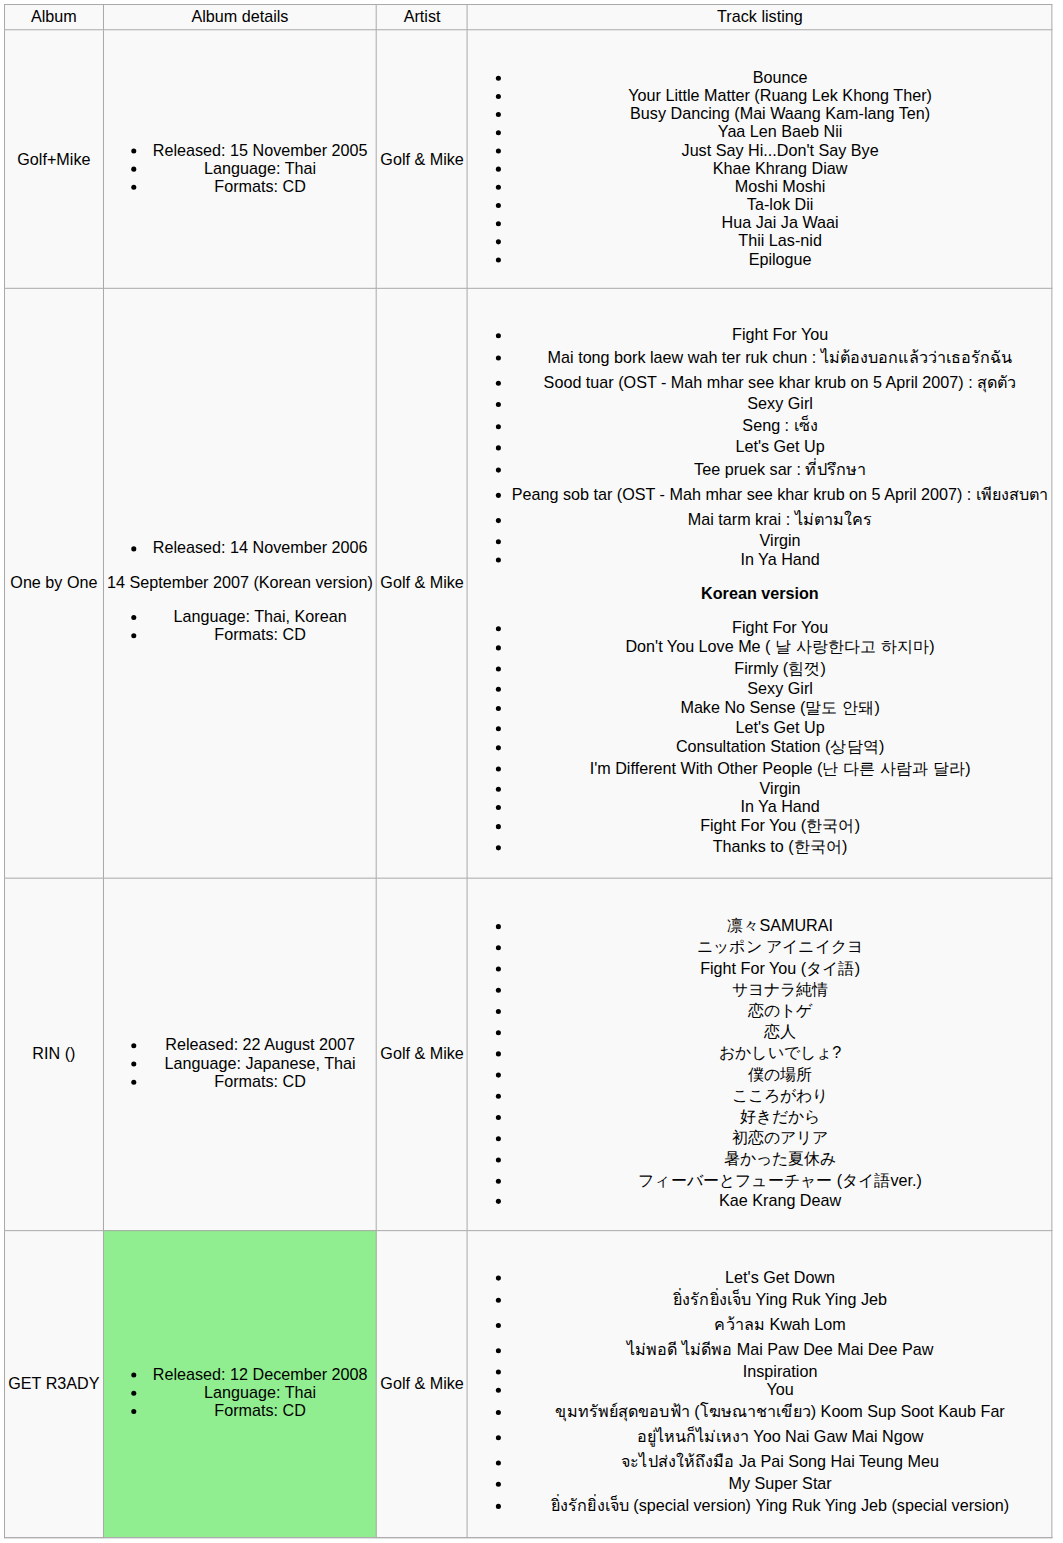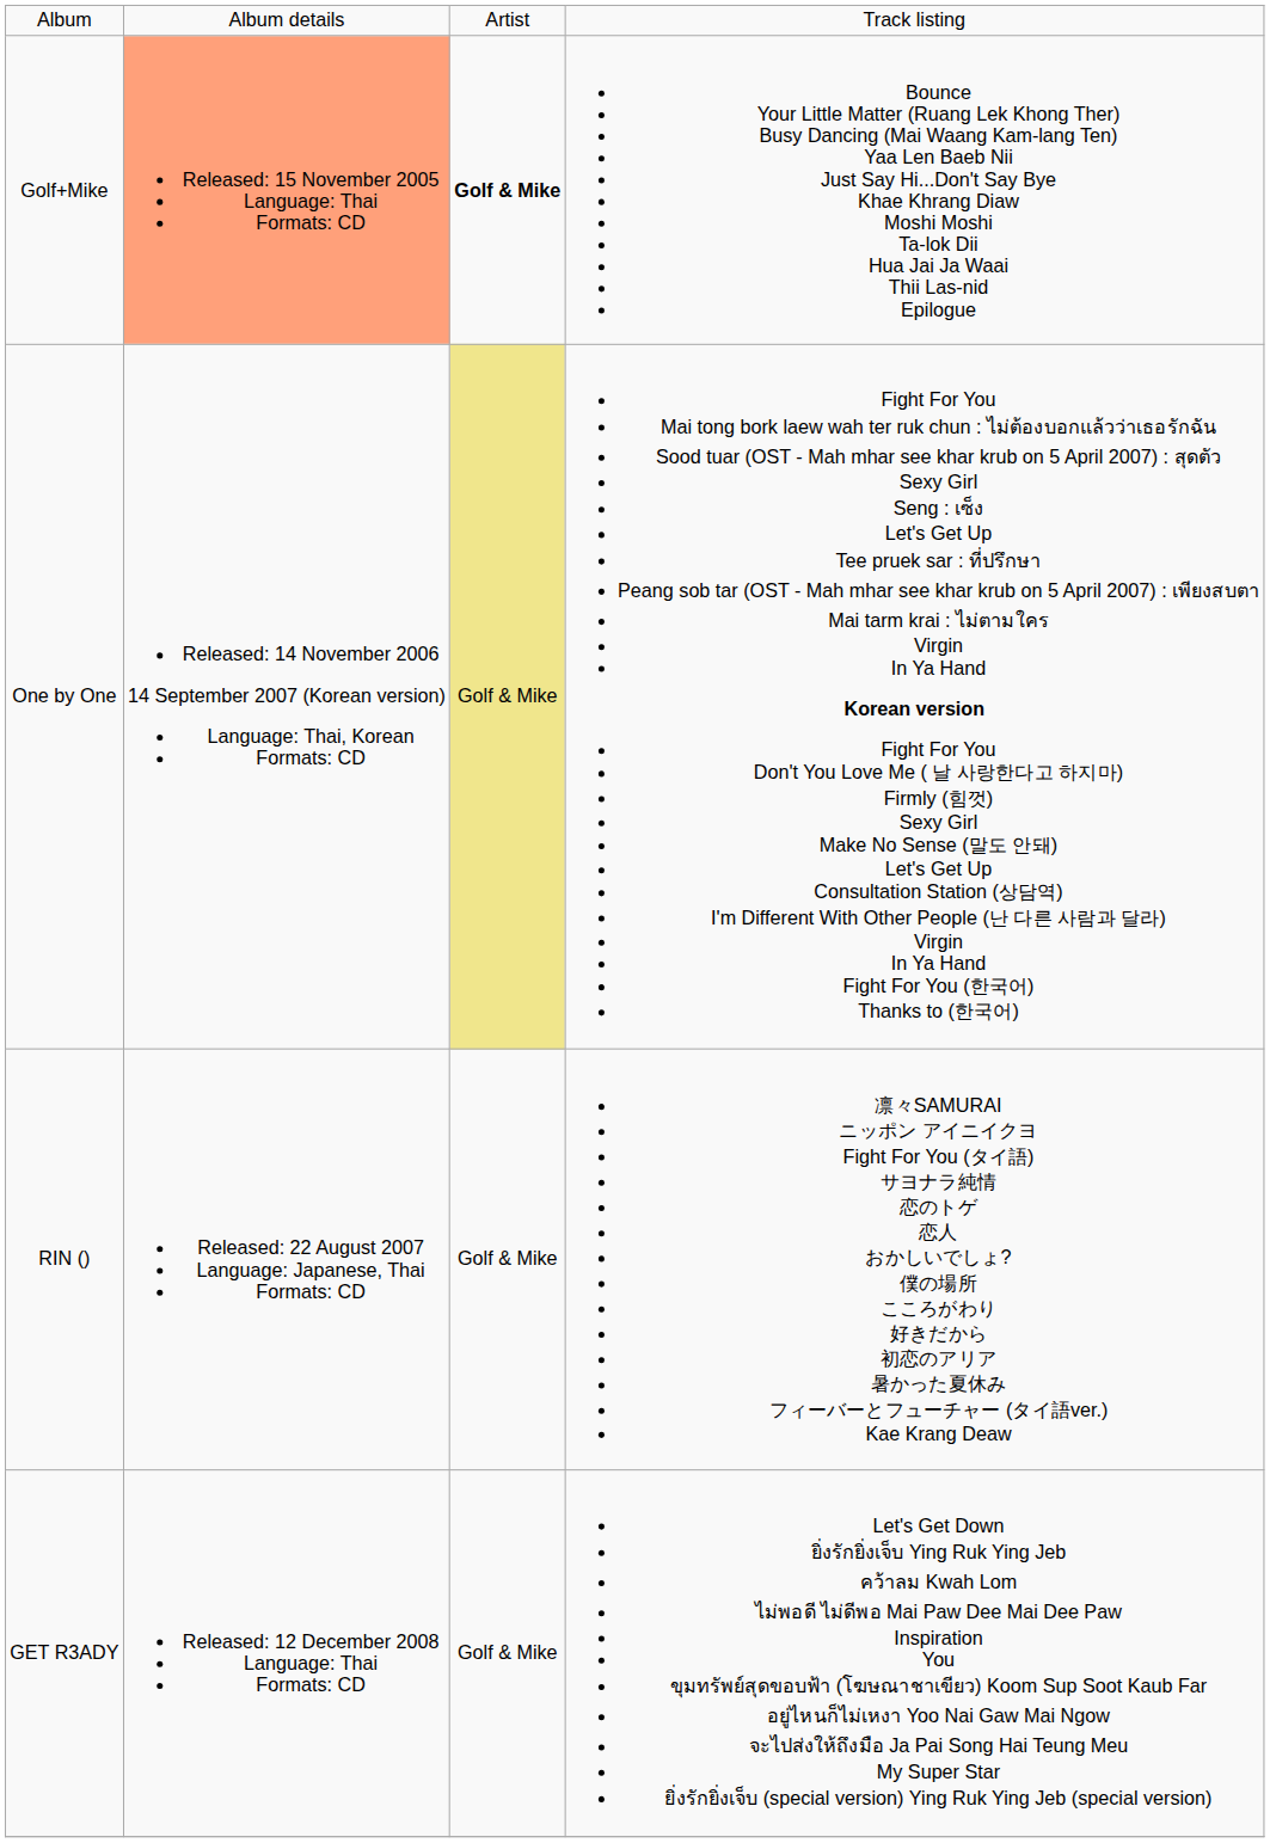 <table class="wikitable plainrowheaders" style="text-align:center;">
 <tr>
 <td scope="col">Album</td>
 <td scope="col">Album details</td>
 <td scope="col">Artist</td>
 <td scope="col">Track listing</td>
 </tr>
 <tr>
 <td scope="row">Golf+Mike</td>
-<td scope="row"><br><ul><li>Released: 15 November 2005</li><li>Language: Thai</li><li>Formats: CD</li></ul></td>
-<td scope="row">Golf & Mike</td>
+<td scope="row" style="background: lightsalmon;"><br><ul><li>Released: 15 November 2005</li><li>Language: Thai</li><li>Formats: CD</li></ul></td>
+<td scope="row"><strong>Golf & Mike</strong></td>
 <td scope="row"><br><ul><li>Bounce</li><li>Your Little Matter (Ruang Lek Khong Ther)</li><li>Busy Dancing (Mai Waang Kam-lang Ten)</li><li>Yaa Len Baeb Nii</li><li>Just Say Hi...Don't Say Bye</li><li>Khae Khrang Diaw</li><li>Moshi Moshi</li><li>Ta-lok Dii</li><li>Hua Jai Ja Waai</li><li>Thii Las-nid</li><li>Epilogue</li></ul></td>
 </tr>
 <tr>
 <td scope="row">One by One</td>
 <td scope="row"><br><ul><li>Released: 14 November 2006</li></ul>14 September 2007 (Korean version)<ul><li>Language: Thai, Korean</li><li>Formats: CD</li></ul></td>
-<td scope="row">Golf & Mike</td>
+<td scope="row" style="background: khaki;">Golf & Mike</td>
 <td scope="row"><br><ul><li>Fight For You</li><li>Mai tong bork laew wah ter ruk chun : ไม่ต้องบอกแล้วว่าเธอรักฉัน</li><li>Sood tuar (OST - Mah mhar see khar krub on 5 April 2007) : สุดตัว</li><li>Sexy Girl</li><li>Seng : เซ็ง</li><li>Let's Get Up</li><li>Tee pruek sar : ที่ปรึกษา</li><li>Peang sob tar (OST - Mah mhar see khar krub on 5 April 2007) : เพียงสบตา</li><li>Mai tarm krai : ไม่ตามใคร</li><li>Virgin</li><li>In Ya Hand</li></ul><strong>Korean version</strong><ul><li>Fight For You</li><li>Don't You Love Me ( 날 사랑한다고 하지마)</li><li>Firmly (힘껏)</li><li>Sexy Girl</li><li>Make No Sense (말도 안돼)</li><li>Let's Get Up</li><li>Consultation Station (상담역)</li><li>I'm Different With Other People (난 다른 사람과 달라)</li><li>Virgin</li><li>In Ya Hand</li><li>Fight For You (한국어)</li><li>Thanks to (한국어)</li></ul></td>
 </tr>
 <tr>
 <td scope="row">RIN ()</td>
 <td scope="row"><br><ul><li>Released: 22 August 2007</li><li>Language: Japanese, Thai</li><li>Formats: CD</li></ul></td>
 <td scope="row">Golf & Mike</td>
 <td scope="row"><br><ul><li>凛々SAMURAI</li><li>ニッポン アイニイクヨ</li><li>Fight For You (タイ語)</li><li>サヨナラ純情</li><li>恋のトゲ</li><li>恋人</li><li>おかしいでしょ?</li><li>僕の場所</li><li>こころがわり</li><li>好きだから</li><li>初恋のアリア</li><li>暑かった夏休み</li><li>フィーバーとフューチャー (タイ語ver.)</li><li>Kae Krang Deaw</li></ul></td>
 </tr>
 <tr>
 <td scope="row">GET R3ADY</td>
-<td scope="row" style="background: lightgreen;"><br><ul><li>Released: 12 December 2008</li><li>Language: Thai</li><li>Formats: CD</li></ul></td>
+<td scope="row"><br><ul><li>Released: 12 December 2008</li><li>Language: Thai</li><li>Formats: CD</li></ul></td>
 <td scope="row">Golf & Mike</td>
 <td scope="row"><br><ul><li>Let's Get Down</li><li>ยิ่งรักยิ่งเจ็บ Ying Ruk Ying Jeb</li><li>คว้าลม Kwah Lom</li><li>ไม่พอดี ไม่ดีพอ Mai Paw Dee Mai Dee Paw</li><li>Inspiration</li><li>You</li><li>ขุมทรัพย์สุดขอบฟ้า (โฆษณาชาเขียว) Koom Sup Soot Kaub Far</li><li>อยู่ไหนก็ไม่เหงา Yoo Nai Gaw Mai Ngow</li><li>จะไปส่งให้ถึงมือ Ja Pai Song Hai Teung Meu</li><li>My Super Star</li><li>ยิ่งรักยิ่งเจ็บ (special version) Ying Ruk Ying Jeb (special version)</li></ul></td>
 </tr>
 <tr>
 </tr>
 </table>
